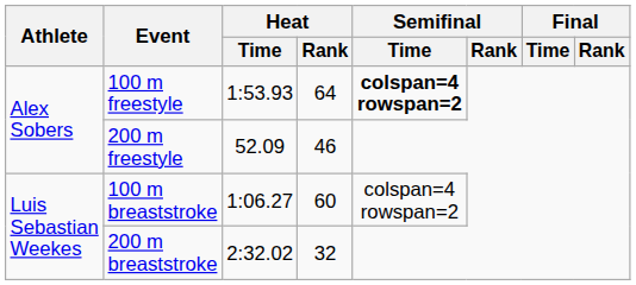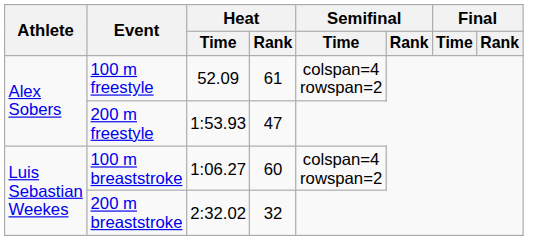 <table class="wikitable" style="text-align:center; font-size:90%; width:50%;">
 <tr>
 <th rowspan="2">Athlete</th>
 <th rowspan="2">Event</th>
 <th colspan="2">Heat</th>
 <th colspan="2">Semifinal</th>
 <th colspan="2">Final</th>
 </tr>
 <tr style="font-size:95%">
 <th>Time</th>
 <th>Rank</th>
 <th>Time</th>
 <th>Rank</th>
 <th>Time</th>
 <th>Rank</th>
 </tr>
 <tr>
 <td align=left rowspan=2><a href='#'>Alex Sobers</a></td>
 <td align=left><a href='#'>100 m freestyle</a></td>
-<td>1:53.93</td>
-<td>64</td>
-<td><strong>colspan=4 rowspan=2 </strong></td>
+<td>52.09</td>
+<td>61</td>
+<td>colspan=4 rowspan=2 </td>
 </tr>
 <tr>
 <td align=left><a href='#'>200 m freestyle</a></td>
-<td>52.09</td>
-<td>46</td>
+<td>1:53.93</td>
+<td>47</td>
 </tr>
 <tr>
 <td align=left rowspan=2><a href='#'>Luis Sebastian Weekes</a></td>
 <td align=left><a href='#'>100 m breaststroke</a></td>
 <td>1:06.27</td>
 <td>60</td>
 <td>colspan=4 rowspan=2 </td>
 </tr>
 <tr>
 <td align=left><a href='#'>200 m breaststroke</a></td>
 <td>2:32.02</td>
 <td>32</td>
 </tr>
 </table>
